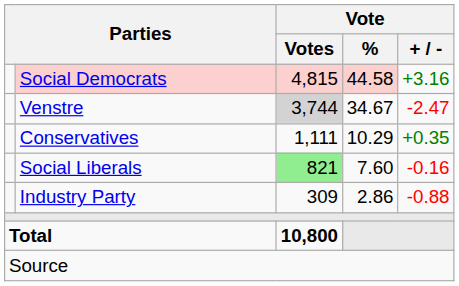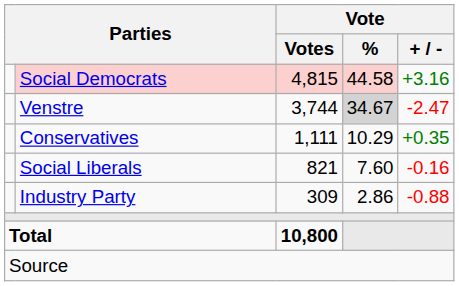 <table class="wikitable" style="text-align:right;">
 <tr>
 <th style="text-align:centre;" rowspan="2" colspan="2" width="225">Parties</th>
 <th colspan="3">Vote</th>
 </tr>
 <tr>
 <th width="15">Votes</th>
 <th width="15">%</th>
 <th width="15">+ / -</th>
 </tr>
 <tr>
 <td width="2" style="color:inherit;background:"></td>
 <td bgcolor=#fbd0ce  align="left"><a href='#'>Social Democrats</a></td>
 <td bgcolor=#fbd0ce>4,815</td>
 <td bgcolor=#fbd0ce>44.58</td>
 <td style=color:green;>+3.16</td>
 </tr>
 <tr>
 <td width="2" style="color:inherit;background:"></td>
 <td align="left"><a href='#'>Venstre</a></td>
-<td style="background: lightgrey;">3,744</td>
-<td>34.67</td>
+<td>3,744</td>
+<td style="background: lightgrey;">34.67</td>
 <td style=color:red;>-2.47</td>
 </tr>
 <tr>
 <td width="2" style="color:inherit;background:"></td>
 <td align="left"><a href='#'>Conservatives</a></td>
 <td>1,111</td>
 <td>10.29</td>
 <td style=color:green;>+0.35</td>
 </tr>
 <tr>
 <td width="2" style="color:inherit;background:"></td>
 <td align="left"><a href='#'>Social Liberals</a></td>
-<td style="background: lightgreen;">821</td>
+<td>821</td>
 <td>7.60</td>
 <td style=color:red;>-0.16</td>
 </tr>
 <tr>
 <td width="2" style="color:inherit;background:"></td>
 <td align="left"><a href='#'>Industry Party</a></td>
 <td>309</td>
 <td>2.86</td>
 <td style=color:red;>-0.88</td>
 </tr>
 <tr>
 <td colspan="7" bgcolor="#E9E9E9"></td>
 </tr>
 <tr>
 <td align="left" colspan="2"><strong>Total</strong></td>
 <td><strong>10,800</strong></td>
 <td bgcolor="#E9E9E9" colspan="2"></td>
 </tr>
 <tr>
 <td align="left" colspan="6">Source</td>
 </tr>
 </table>
